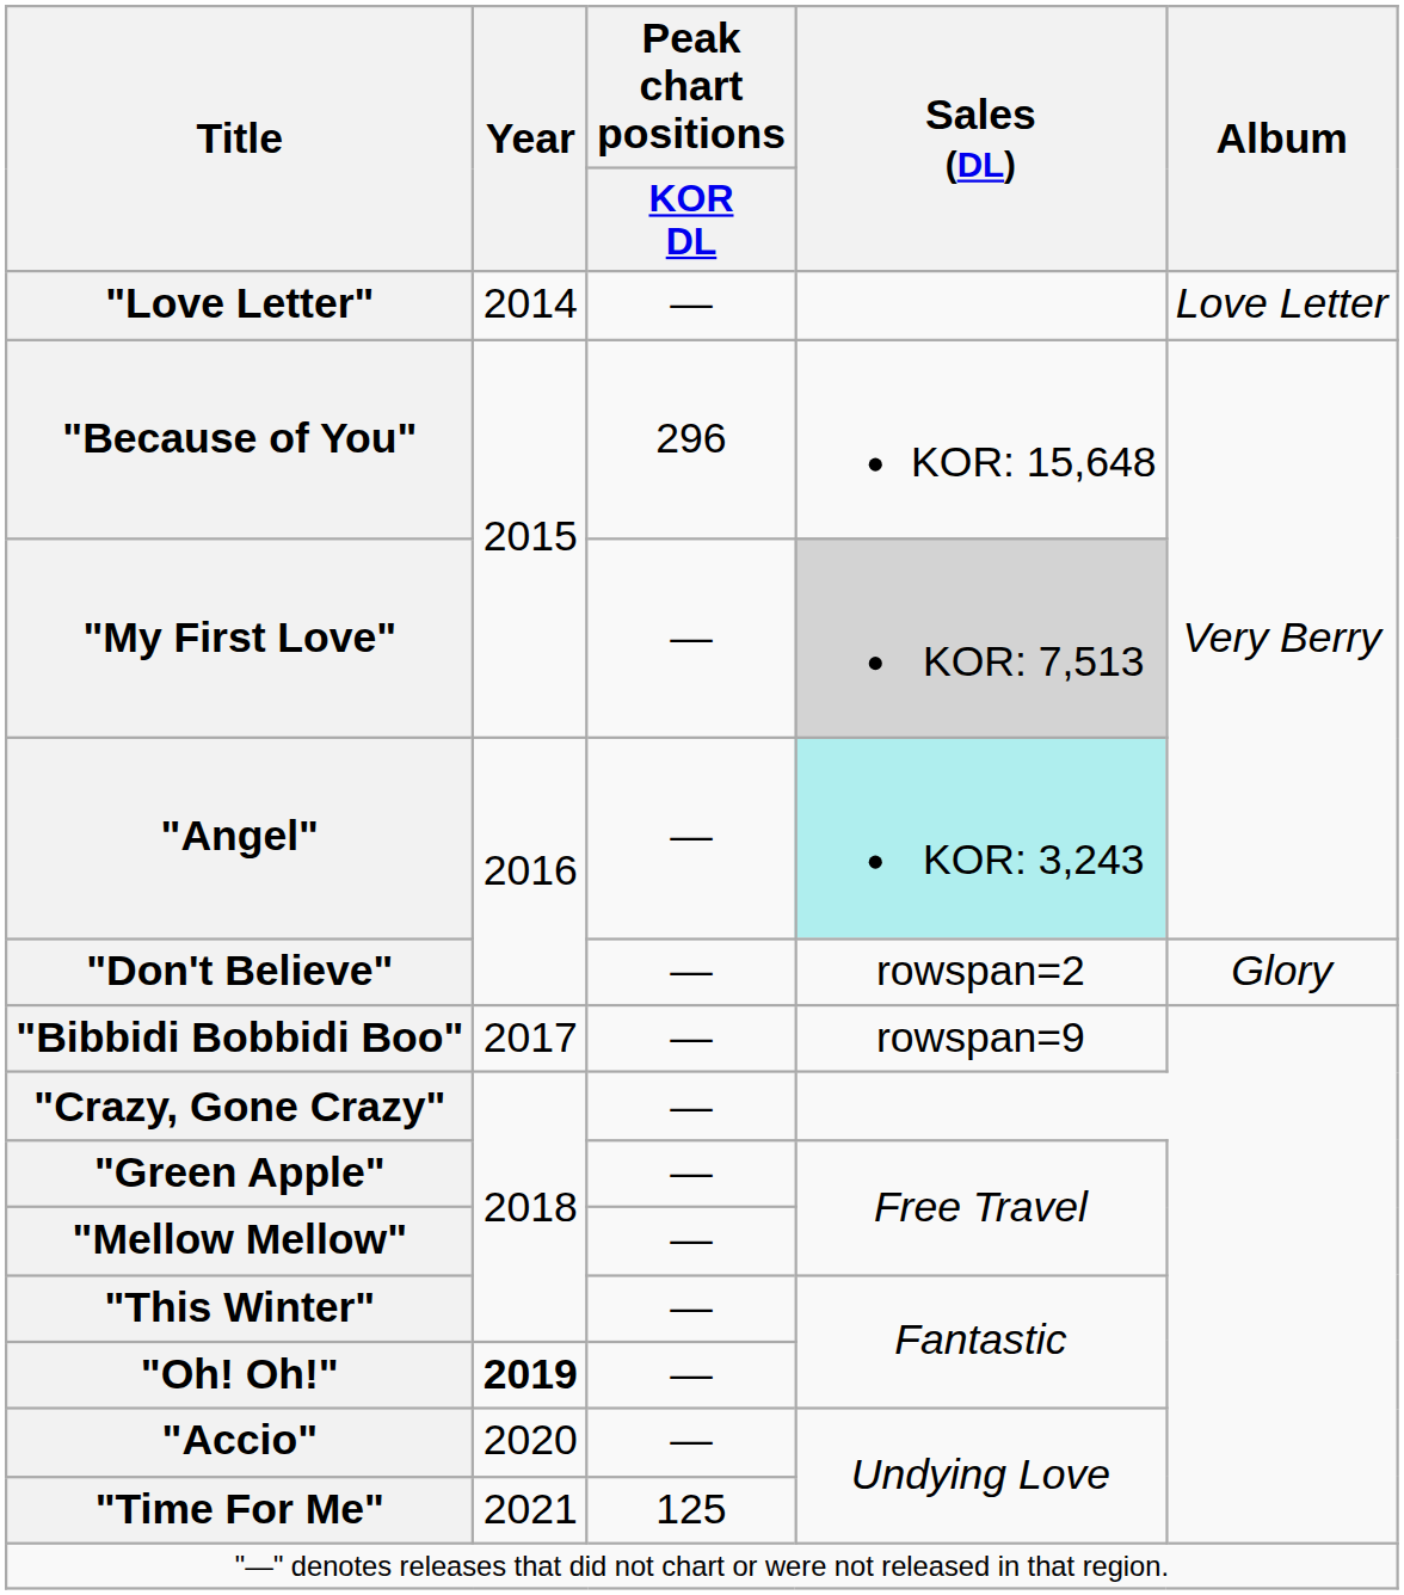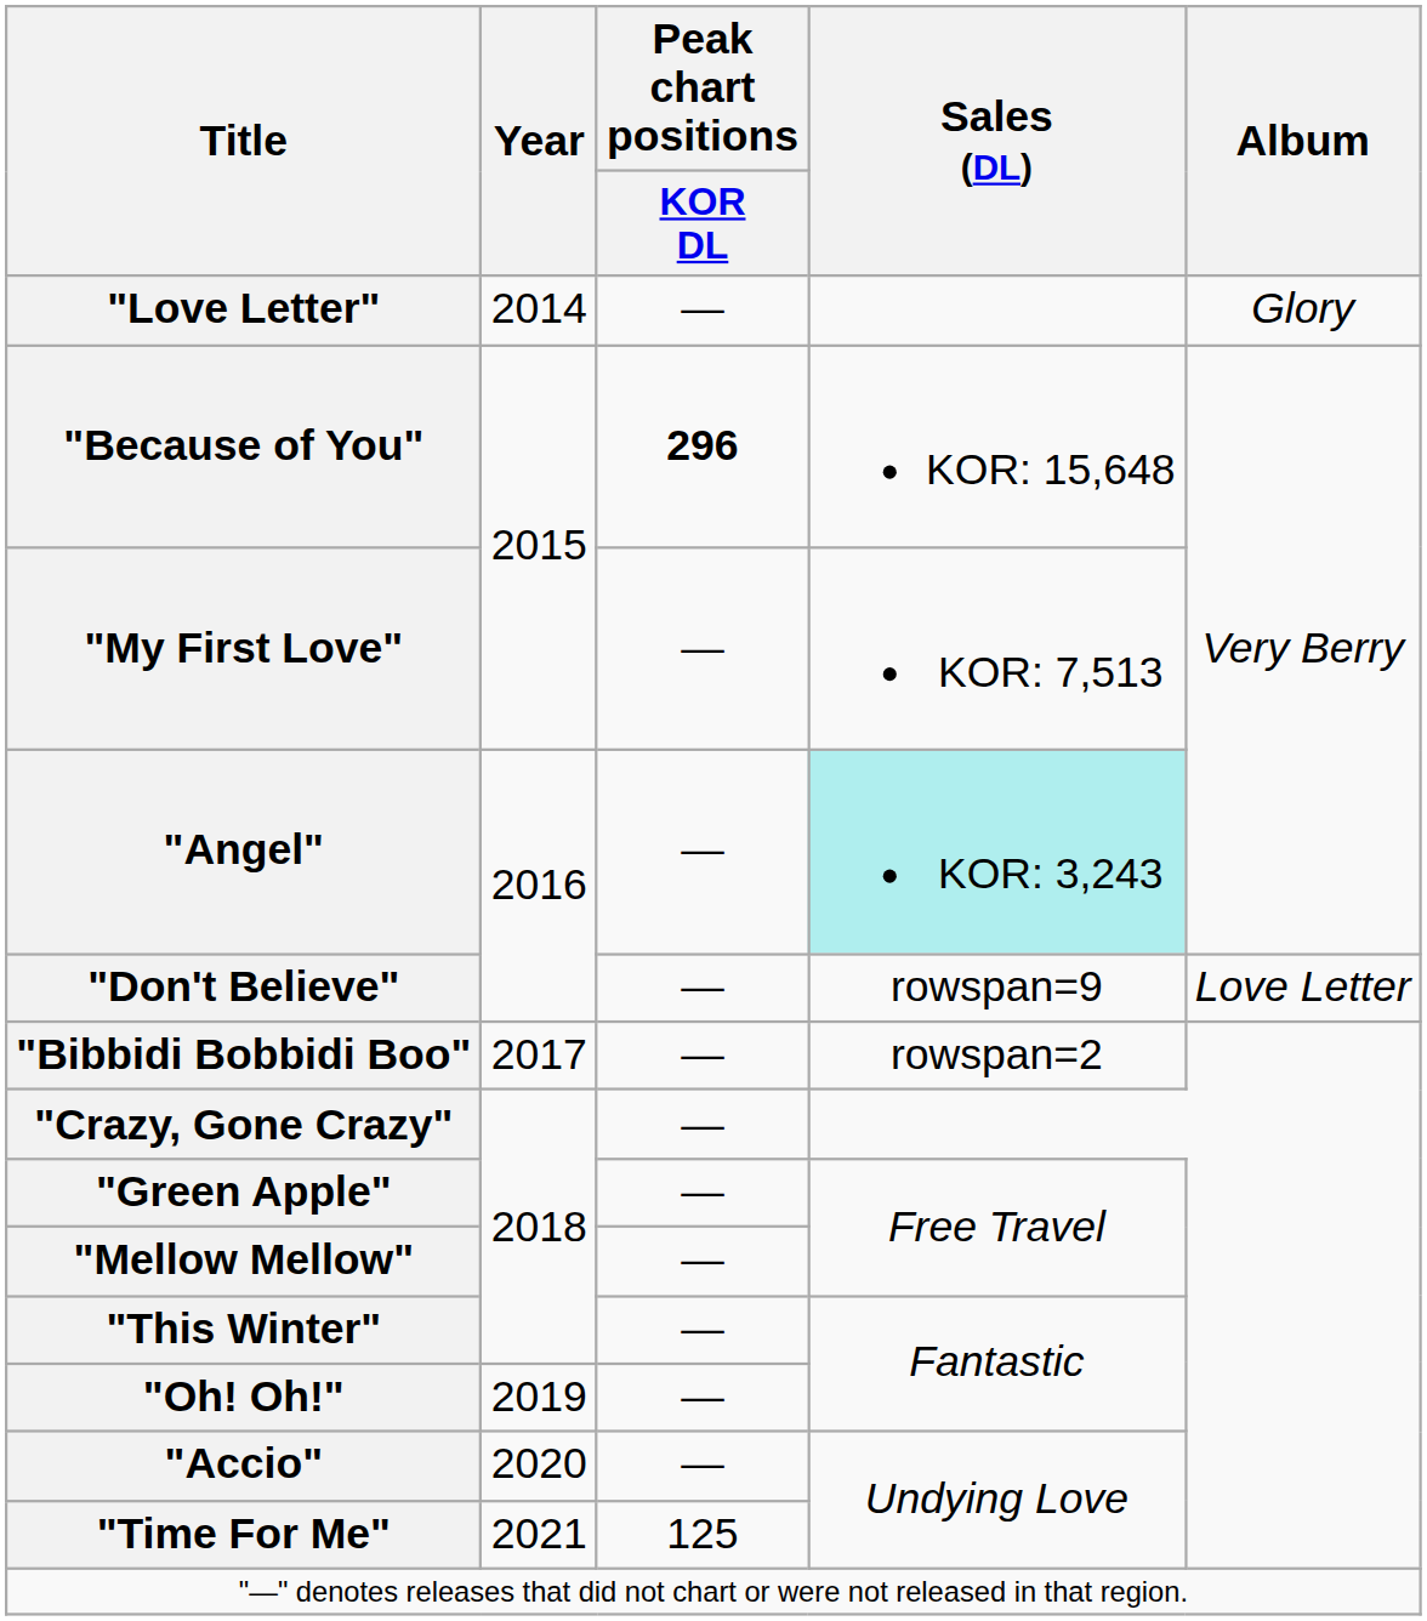 <table class="wikitable plainrowheaders" style="text-align:center;" border="1">
 <tr>
 <th scope="col" rowspan="2">Title</th>
 <th scope="col" rowspan="2">Year</th>
 <th scope="col" colspan="1">Peak chart positions</th>
 <th scope="col" rowspan="2">Sales<br><small>(<a href='#'>DL</a>)</small></th>
 <th scope="col" rowspan="2">Album</th>
 </tr>
 <tr>
 <th scope="col" style="width:3em;font-size:90%;"><a href='#'>KOR<br>DL</a><br></th>
 </tr>
 <tr>
 <th scope="row">"Love Letter" </th>
 <td>2014</td>
 <td>—</td>
 <td></td>
-<td><em>Love Letter</em></td>
+<td><em>Glory</em></td>
 </tr>
 <tr>
 <th scope="row">"Because of You" </th>
 <td rowspan=2>2015</td>
-<td>296</td>
+<td><strong>296</strong></td>
 <td><br><ul><li>KOR: 15,648</li></ul></td>
 <td rowspan=3><em>Very Berry</em></td>
 </tr>
 <tr>
 <th scope="row">"My First Love" </th>
 <td>—</td>
-<td style="background: lightgrey;"><br><ul><li>KOR: 7,513</li></ul></td>
+<td><br><ul><li>KOR: 7,513</li></ul></td>
 </tr>
 <tr>
 <th scope="row">"Angel"</th>
 <td rowspan=2>2016</td>
 <td>—</td>
 <td style="background: paleturquoise;"><br><ul><li>KOR: 3,243</li></ul></td>
 </tr>
 <tr>
 <th scope="row">"Don't Believe" </th>
 <td>—</td>
-<td>rowspan=2 </td>
-<td><em>Glory</em></td>
+<td>rowspan=9 </td>
+<td><em>Love Letter</em></td>
 </tr>
 <tr>
 <th scope="row">"Bibbidi Bobbidi Boo" </th>
 <td>2017</td>
 <td>—</td>
-<td>rowspan=9 </td>
+<td>rowspan=2 </td>
 </tr>
 <tr>
 <th scope="row">"Crazy, Gone Crazy" <br></th>
 <td rowspan="4">2018</td>
 <td>—</td>
 </tr>
 <tr>
 <th scope="row">"Green Apple" </th>
 <td>—</td>
 <td rowspan=2><em>Free Travel</em></td>
 </tr>
 <tr>
 <th scope="row">"Mellow Mellow"</th>
 <td>—</td>
 </tr>
 <tr>
 <th scope="row">"This Winter" </th>
 <td>—</td>
 <td rowspan="2"><em>Fantastic</em></td>
 </tr>
 <tr>
 <th scope="row">"Oh! Oh!"</th>
-<td><strong>2019</strong></td>
+<td>2019</td>
 <td>—</td>
 </tr>
 <tr>
 <th scope="row">"Accio" </th>
 <td>2020</td>
 <td>—</td>
 <td rowspan=2><em>Undying Love</em></td>
 </tr>
 <tr>
 <th scope="row">"Time For Me" </th>
 <td>2021</td>
 <td>125</td>
 </tr>
 <tr>
 <td colspan="5" style="font-size:8pt;">"—" denotes releases that did not chart or were not released in that region.</td>
 </tr>
 </table>
